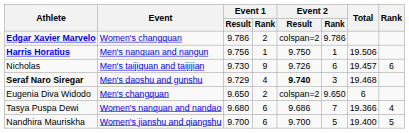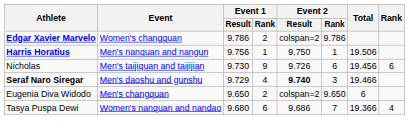 <table class=wikitable style=font-size:90%;text-align:center>
 <tr>
 <th rowspan="2">Athlete</th>
 <th rowspan="2">Event</th>
 <th colspan="2">Event 1</th>
 <th colspan="2">Event 2</th>
 <th rowspan="2">Total</th>
 <th rowspan="2">Rank</th>
 </tr>
 <tr style="font-size:95%">
 <th>Result</th>
 <th>Rank</th>
 <th>Result</th>
 <th>Rank</th>
 </tr>
 <tr>
 <td align=left><strong><a href='#'>Edgar Xavier Marvelo</a></strong></td>
 <td align=left><a href='#'>Women's changquan</a></td>
 <td>9.786</td>
 <td>2</td>
 <td>colspan=2 </td>
 <td>9.786</td>
 <td></td>
 </tr>
 <tr>
 <td align=left><strong><a href='#'>Harris Horatius</a></strong></td>
 <td align=left><a href='#'>Men's nanquan and nangun</a></td>
 <td>9.756</td>
 <td>1</td>
 <td>9.750</td>
 <td>1</td>
 <td>19.506</td>
 <td></td>
 </tr>
 <tr>
 <td align=left>Nicholas</td>
 <td align=left><a href='#'>Men's taijiquan and taijijian</a></td>
 <td>9.730</td>
 <td>9</td>
 <td>9.726</td>
 <td>6</td>
-<td>19.457</td>
+<td>19.456</td>
 <td>6</td>
 </tr>
 <tr>
 <td align=left><strong>Seraf Naro Siregar</strong></td>
 <td align=left><a href='#'>Men's daoshu and gunshu</a></td>
 <td>9.729</td>
 <td>4</td>
 <td><strong>9.740</strong></td>
 <td>3</td>
-<td>19.468</td>
+<td>19.466</td>
 <td></td>
 </tr>
 <tr>
 <td align=left>Eugenia Diva Widodo</td>
 <td align=left><a href='#'>Men's changquan</a></td>
 <td>9.650</td>
 <td>2</td>
 <td>colspan=2 </td>
 <td>9.650</td>
 <td>6</td>
 </tr>
 <tr>
 <td align=left>Tasya Puspa Dewi</td>
 <td align=left><a href='#'>Women's nanquan and nandao</a></td>
 <td>9.680</td>
 <td>6</td>
 <td>9.686</td>
 <td>7</td>
 <td>19.366</td>
 <td>4</td>
 </tr>
-<tr>
-<td align=left>Nandhira Mauriskha</td>
-<td align=left><a href='#'>Women's jianshu and qiangshu</a></td>
-<td>9.700</td>
-<td>6</td>
-<td>9.700</td>
-<td>5</td>
-<td>19.400</td>
-<td>5</td>
-</tr>
 </table>
